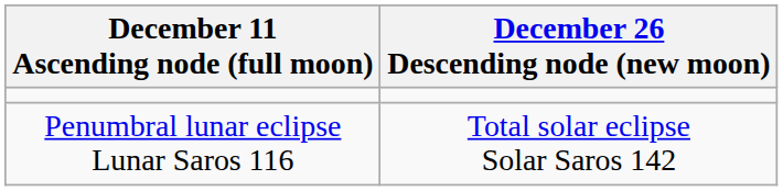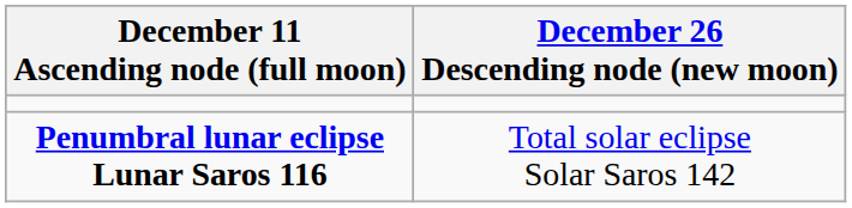 <table class="wikitable">
 <tr>
 <th>December 11<br>Ascending node (full moon)<br></th>
 <th><a href='#'>December 26</a><br>Descending node (new moon)<br></th>
 </tr>
 <tr>
 <td></td>
 <td></td>
 </tr>
 <tr align=center>
-<td><a href='#'>Penumbral lunar eclipse</a><br>Lunar Saros 116</td>
+<td><strong><a href='#'>Penumbral lunar eclipse</a><br>Lunar Saros 116</strong></td>
 <td><a href='#'>Total solar eclipse</a><br>Solar Saros 142</td>
 </tr>
 </table>
